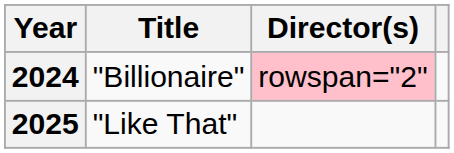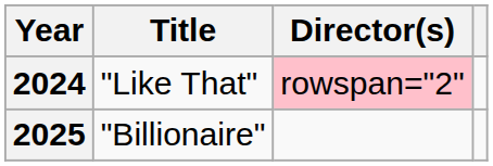 <table class="wikitable plainrowheaders sortable">
 <tr>
 <th scope="col">Year</th>
 <th scope="col">Title</th>
 <th scope="col">Director(s)</th>
 <th scope="col" class="unsortable"></th>
 </tr>
 <tr>
 <th scope="row">2024</th>
-<td>"Billionaire" </td>
+<td>"Like That" </td>
 <td style="background: pink;">rowspan="2" </td>
 <td style="text-align:center"></td>
 </tr>
 <tr>
 <th scope="row">2025</th>
-<td>"Like That" </td>
+<td>"Billionaire" </td>
 <td style="text-align:center"></td>
 </tr>
 </table>
